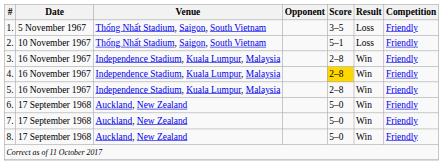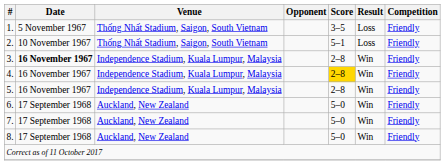 <table class="wikitable" style="font-size:95%;">
 <tr>
 <th>#</th>
 <th>Date</th>
 <th>Venue</th>
 <th>Opponent</th>
 <th>Score</th>
 <th>Result</th>
 <th>Competition</th>
 </tr>
 <tr>
 <td>1.</td>
 <td>5 November 1967</td>
 <td><a href='#'>Thống Nhất Stadium</a>, <a href='#'>Saigon</a>, <a href='#'>South Vietnam</a></td>
 <td></td>
 <td>3–5</td>
 <td>Loss</td>
 <td><a href='#'>Friendly</a></td>
 </tr>
 <tr>
 <td>2.</td>
 <td>10 November 1967</td>
 <td><a href='#'>Thống Nhất Stadium</a>, <a href='#'>Saigon</a>, <a href='#'>South Vietnam</a></td>
 <td></td>
 <td>5–1</td>
 <td>Loss</td>
 <td><a href='#'>Friendly</a></td>
 </tr>
 <tr>
 <td>3.</td>
-<td>16 November 1967</td>
+<td><strong>16 November 1967</strong></td>
 <td><a href='#'>Independence Stadium</a>, <a href='#'>Kuala Lumpur</a>, <a href='#'>Malaysia</a></td>
 <td></td>
 <td>2–8</td>
 <td>Win</td>
 <td><a href='#'>Friendly</a></td>
 </tr>
 <tr>
 <td>4.</td>
 <td>16 November 1967</td>
 <td><a href='#'>Independence Stadium</a>, <a href='#'>Kuala Lumpur</a>, <a href='#'>Malaysia</a></td>
 <td></td>
 <td style="background: gold;">2–8</td>
 <td>Win</td>
 <td><a href='#'>Friendly</a></td>
 </tr>
 <tr>
 <td>5.</td>
 <td>16 November 1967</td>
 <td><a href='#'>Independence Stadium</a>, <a href='#'>Kuala Lumpur</a>, <a href='#'>Malaysia</a></td>
 <td></td>
 <td>2–8</td>
 <td>Win</td>
 <td><a href='#'>Friendly</a></td>
 </tr>
 <tr>
 <td>6.</td>
 <td>17 September 1968</td>
 <td><a href='#'>Auckland</a>, <a href='#'>New Zealand</a></td>
 <td></td>
 <td>5–0</td>
 <td>Win</td>
 <td><a href='#'>Friendly</a></td>
 </tr>
 <tr>
 <td>7.</td>
 <td>17 September 1968</td>
 <td><a href='#'>Auckland</a>, <a href='#'>New Zealand</a></td>
 <td></td>
 <td>5–0</td>
 <td>Win</td>
 <td><a href='#'>Friendly</a></td>
 </tr>
 <tr>
 <td>8.</td>
 <td>17 September 1968</td>
 <td><a href='#'>Auckland</a>, <a href='#'>New Zealand</a></td>
 <td></td>
 <td>5–0</td>
 <td>Win</td>
 <td><a href='#'>Friendly</a></td>
 </tr>
 <tr>
 <td colspan="12"><small><em>Correct as of 11 October 2017</em></small></td>
 </tr>
 <tr>
 </tr>
 </table>
